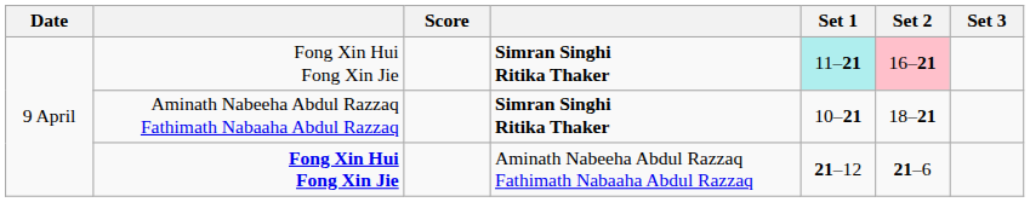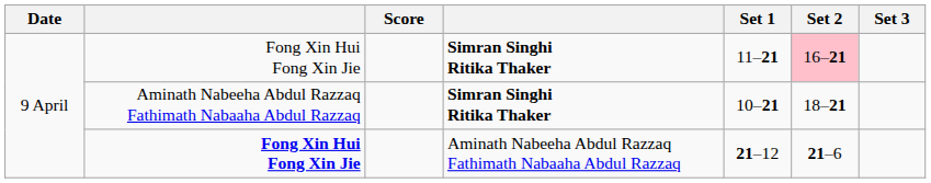 <table class="wikitable" style="text-align: center; font-size:90%">
 <tr>
 <th width="60">Date</th>
 <th align="right" width="230"></th>
 <th width="60">Score</th>
 <th align="left" width="230"></th>
 <th width="50">Set 1</th>
 <th width="50">Set 2</th>
 <th width="50">Set 3</th>
 </tr>
 <tr>
 <td rowspan="3">9 April</td>
 <td align="right">Fong Xin Hui <br>Fong Xin Jie </td>
 <td></td>
 <td align="left"><strong> Simran Singhi<br> Ritika Thaker</strong></td>
-<td style="background: paleturquoise;">11–<strong>21</strong></td>
+<td>11–<strong>21</strong></td>
 <td style="background: pink;">16–<strong>21</strong></td>
 <td></td>
 </tr>
 <tr>
 <td align="right">Aminath Nabeeha Abdul Razzaq <br><a href='#'>Fathimath Nabaaha Abdul Razzaq</a> </td>
 <td></td>
 <td align="left"><strong> Simran Singhi<br> Ritika Thaker</strong></td>
 <td>10–<strong>21</strong></td>
 <td>18–<strong>21</strong></td>
 <td></td>
 </tr>
 <tr>
 <td align="right"><strong><a href='#'>Fong Xin Hui</a> <br><a href='#'>Fong Xin Jie</a> </strong></td>
 <td></td>
 <td align="left"> Aminath Nabeeha Abdul Razzaq<br> <a href='#'>Fathimath Nabaaha Abdul Razzaq</a></td>
 <td><strong>21</strong>–12</td>
 <td><strong>21</strong>–6</td>
 <td></td>
 </tr>
 </table>
